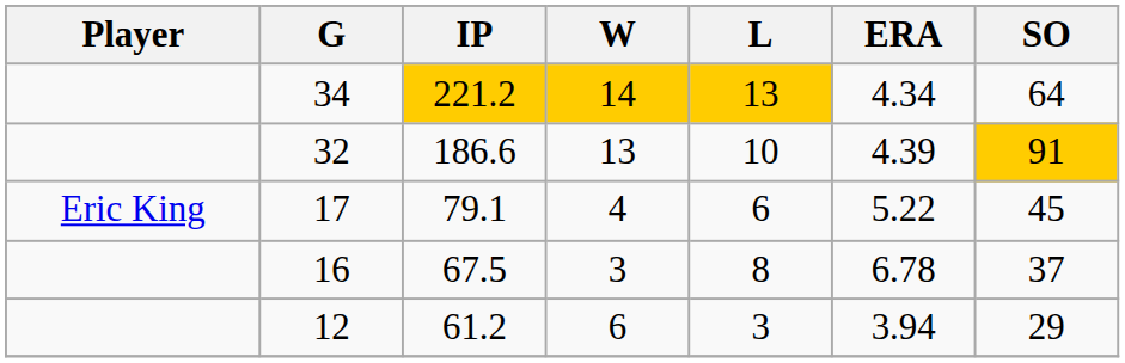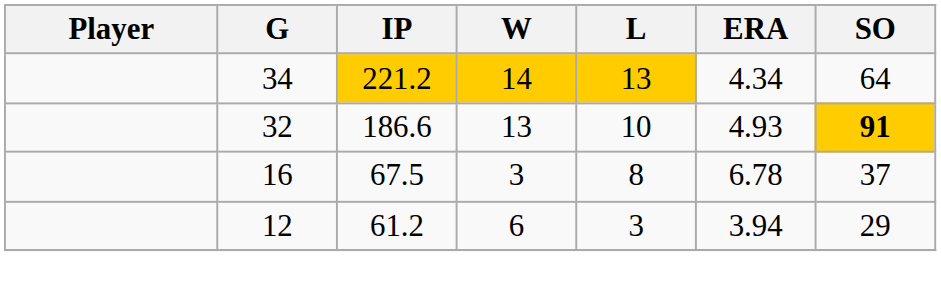 <table class="wikitable sortable">
 <tr>
 <th bgcolor="#DDDDFF" width="16%">Player</th>
 <th bgcolor="#DDDDFF" width="9%">G</th>
 <th bgcolor="#DDDDFF" width="9%">IP</th>
 <th bgcolor="#DDDDFF" width="9%">W</th>
 <th bgcolor="#DDDDFF" width="9%">L</th>
 <th bgcolor="#DDDDFF" width="9%">ERA</th>
 <th bgcolor="#DDDDFF" width="9%">SO</th>
 </tr>
 <tr align="center">
 <td></td>
 <td>34</td>
 <td style="background:#fc0;">221.2</td>
 <td style="background:#fc0;">14</td>
 <td style="background:#fc0;">13</td>
 <td>4.34</td>
 <td>64</td>
 </tr>
 <tr align="center">
 <td></td>
 <td>32</td>
 <td>186.6</td>
 <td>13</td>
 <td>10</td>
-<td>4.39</td>
-<td style="background:#fc0;">91</td>
-</tr>
-<tr align="center">
-<td><a href='#'>Eric King</a></td>
-<td>17</td>
-<td>79.1</td>
-<td>4</td>
-<td>6</td>
-<td>5.22</td>
-<td>45</td>
+<td>4.93</td>
+<td style="background:#fc0;"><strong>91</strong></td>
 </tr>
 <tr align=center>
 <td></td>
 <td>16</td>
 <td>67.5</td>
 <td>3</td>
 <td>8</td>
 <td>6.78</td>
 <td>37</td>
 </tr>
 <tr align="center">
 <td></td>
 <td>12</td>
 <td>61.2</td>
 <td>6</td>
 <td>3</td>
 <td>3.94</td>
 <td>29</td>
 </tr>
 <tr align="center">
 </tr>
 </table>
